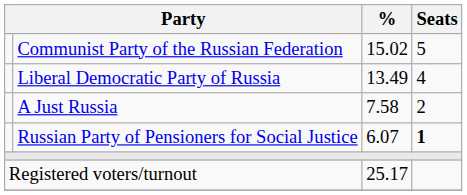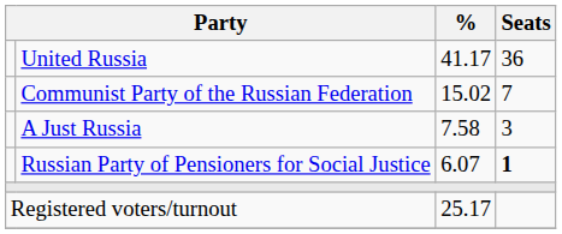 <table class="wikitable">
 <tr>
 <th colspan=2>Party</th>
 <th>%</th>
 <th>Seats</th>
 </tr>
 <tr>
 <td style="background:"></td>
-<td><a href='#'>Communist Party of the Russian Federation</a></td>
-<td>15.02</td>
-<td>5</td>
+<td><a href='#'>United Russia</a></td>
+<td>41.17</td>
+<td>36</td>
 </tr>
 <tr>
 <td style="background:"></td>
-<td><a href='#'>Liberal Democratic Party of Russia</a></td>
-<td>13.49</td>
-<td>4</td>
+<td><a href='#'>Communist Party of the Russian Federation</a></td>
+<td>15.02</td>
+<td>7</td>
 </tr>
 <tr>
 <td style="background:"></td>
 <td><a href='#'>A Just Russia</a></td>
 <td>7.58</td>
-<td>2</td>
+<td>3</td>
 </tr>
 <tr>
 <td style="background:"></td>
 <td><a href='#'>Russian Party of Pensioners for Social Justice</a></td>
 <td>6.07</td>
 <td><strong>1</strong></td>
 </tr>
 <tr>
 <td colspan=4 style="background:#E9E9E9;"></td>
 </tr>
 <tr>
 <td align=left colspan=2>Registered voters/turnout</td>
 <td>25.17</td>
 <td></td>
 </tr>
 <tr>
 </tr>
 </table>
